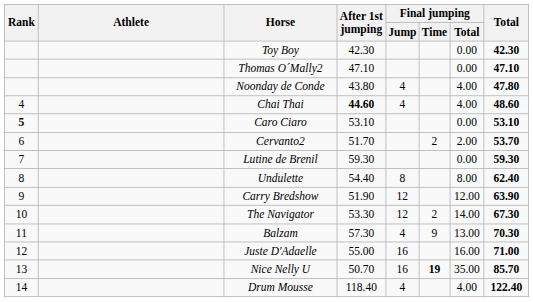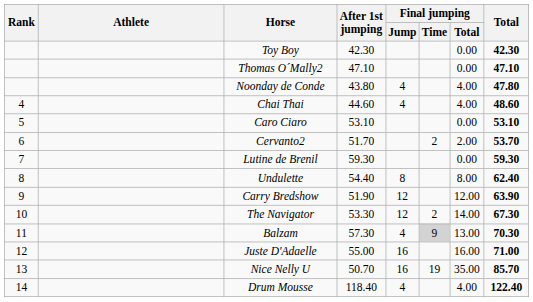 <table class="wikitable" style="text-align:center">
 <tr>
 <th rowspan=2 width=40>Rank</th>
 <th rowspan=2 width=250>Athlete</th>
 <th rowspan=2 width=150>Horse</th>
 <th rowspan=2 width=60>After 1st <br>jumping</th>
 <th colspan=3>Final jumping</th>
 <th rowspan=2 width=55>Total</th>
 </tr>
 <tr>
 <th width=35>Jump</th>
 <th width=35>Time</th>
 <th width=40>Total</th>
 </tr>
 <tr>
 <td></td>
 <td align=left></td>
 <td><em>Toy Boy</em></td>
 <td>42.30</td>
 <td></td>
 <td></td>
 <td>0.00</td>
 <td><strong>42.30</strong></td>
 </tr>
 <tr>
 <td></td>
 <td align=left></td>
 <td><em>Thomas O´Mally2 </em></td>
 <td>47.10</td>
 <td></td>
 <td></td>
 <td>0.00</td>
 <td><strong>47.10</strong></td>
 </tr>
 <tr>
 <td></td>
 <td align=left></td>
 <td><em>Noonday de Conde</em></td>
 <td>43.80</td>
 <td>4</td>
 <td></td>
 <td>4.00</td>
 <td><strong>47.80</strong></td>
 </tr>
 <tr>
 <td>4</td>
 <td align=left></td>
 <td><em>Chai Thai</em></td>
-<td><strong>44.60</strong></td>
+<td>44.60</td>
 <td>4</td>
 <td></td>
 <td>4.00</td>
 <td><strong>48.60</strong></td>
 </tr>
 <tr>
-<td><strong>5</strong></td>
+<td>5</td>
 <td align=left></td>
 <td><em>Caro Ciaro</em></td>
 <td>53.10</td>
 <td></td>
 <td></td>
 <td>0.00</td>
 <td><strong>53.10</strong></td>
 </tr>
 <tr>
 <td>6</td>
 <td align=left></td>
 <td><em>Cervanto2</em></td>
 <td>51.70</td>
 <td></td>
 <td>2</td>
 <td>2.00</td>
 <td><strong>53.70</strong></td>
 </tr>
 <tr>
 <td>7</td>
 <td align=left></td>
 <td><em>Lutine de Brenil</em></td>
 <td>59.30</td>
 <td></td>
 <td></td>
 <td>0.00</td>
 <td><strong>59.30</strong></td>
 </tr>
 <tr>
 <td>8</td>
 <td align=left></td>
 <td><em>Undulette</em></td>
 <td>54.40</td>
 <td>8</td>
 <td></td>
 <td>8.00</td>
 <td><strong>62.40</strong></td>
 </tr>
 <tr>
 <td>9</td>
 <td align=left></td>
 <td><em>Carry Bredshow</em></td>
 <td>51.90</td>
 <td>12</td>
 <td></td>
 <td>12.00</td>
 <td><strong>63.90</strong></td>
 </tr>
 <tr>
 <td>10</td>
 <td align=left></td>
 <td><em>The Navigator</em></td>
 <td>53.30</td>
 <td>12</td>
 <td>2</td>
 <td>14.00</td>
 <td><strong>67.30</strong></td>
 </tr>
 <tr>
 <td>11</td>
 <td align=left></td>
 <td><em>Balzam</em></td>
 <td>57.30</td>
 <td>4</td>
-<td>9</td>
+<td style="background: lightgrey;">9</td>
 <td>13.00</td>
 <td><strong>70.30</strong></td>
 </tr>
 <tr>
 <td>12</td>
 <td align=left></td>
 <td><em>Juste D'Adaelle</em></td>
 <td>55.00</td>
 <td>16</td>
 <td></td>
 <td>16.00</td>
 <td><strong>71.00</strong></td>
 </tr>
 <tr>
 <td>13</td>
 <td align=left></td>
 <td><em>Nice Nelly U</em></td>
 <td>50.70</td>
 <td>16</td>
-<td><strong>19</strong></td>
+<td>19</td>
 <td>35.00</td>
 <td><strong>85.70</strong></td>
 </tr>
 <tr>
 <td>14</td>
 <td align=left></td>
 <td><em>Drum Mousse</em></td>
 <td>118.40</td>
 <td>4</td>
 <td></td>
 <td>4.00</td>
 <td><strong>122.40</strong></td>
 </tr>
 </table>
